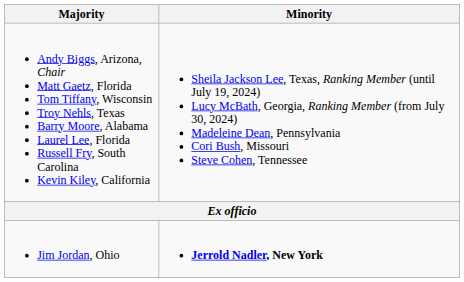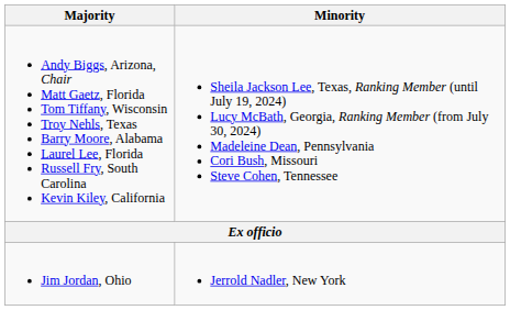 <table class=wikitable>
 <tr>
 <th>Majority</th>
 <th>Minority</th>
 </tr>
 <tr>
 <td><br><ul><li><a href='#'>Andy Biggs</a>, Arizona, <em>Chair</em></li><li><a href='#'>Matt Gaetz</a>, Florida</li><li><a href='#'>Tom Tiffany</a>, Wisconsin</li><li><a href='#'>Troy Nehls</a>, Texas</li><li><a href='#'>Barry Moore</a>, Alabama</li><li><a href='#'>Laurel Lee</a>, Florida</li><li><a href='#'>Russell Fry</a>, South Carolina</li><li><a href='#'>Kevin Kiley</a>, California</li></ul></td>
 <td><br><ul><li><a href='#'>Sheila Jackson Lee</a>, Texas, <em>Ranking Member</em> (until July 19, 2024)</li><li><a href='#'>Lucy McBath</a>, Georgia, <em>Ranking Member</em> (from July 30, 2024)</li><li><a href='#'>Madeleine Dean</a>, Pennsylvania</li><li><a href='#'>Cori Bush</a>, Missouri</li><li><a href='#'>Steve Cohen</a>, Tennessee</li></ul></td>
 </tr>
 <tr>
 <th colspan=2><em>Ex officio</em></th>
 </tr>
 <tr>
 <td><br><ul><li><a href='#'>Jim Jordan</a>, Ohio</li></ul></td>
-<td><strong><br><ul><li><a href='#'>Jerrold Nadler</a>, New York</li></ul></strong></td>
+<td><br><ul><li><a href='#'>Jerrold Nadler</a>, New York</li></ul></td>
 </tr>
 </table>
